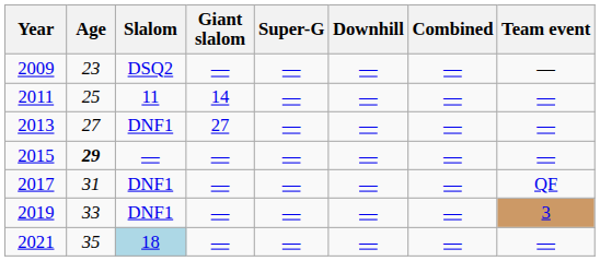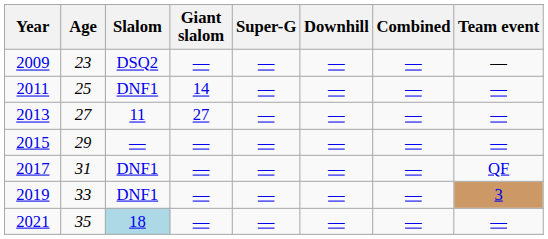 <table class=wikitable style="text-align:center">
 <tr>
 <th>  Year  </th>
 <th> Age </th>
 <th> Slalom </th>
 <th> Giant <br> slalom </th>
 <th>Super-G</th>
 <th>Downhill</th>
 <th>Combined</th>
 <th>Team event</th>
 </tr>
 <tr>
 <td><a href='#'>2009</a></td>
 <td><em>23</em></td>
 <td><a href='#'>DSQ2</a></td>
 <td><a href='#'>—</a></td>
 <td><a href='#'>—</a></td>
 <td><a href='#'>—</a></td>
 <td><a href='#'>—</a></td>
 <td>—</td>
 </tr>
 <tr>
 <td><a href='#'>2011</a></td>
 <td><em>25</em></td>
-<td><a href='#'>11</a></td>
+<td><a href='#'>DNF1</a></td>
 <td><a href='#'>14</a></td>
 <td><a href='#'>—</a></td>
 <td><a href='#'>—</a></td>
 <td><a href='#'>—</a></td>
 <td><a href='#'>—</a></td>
 </tr>
 <tr>
 <td><a href='#'>2013</a></td>
 <td><em>27</em></td>
-<td><a href='#'>DNF1</a></td>
+<td><a href='#'>11</a></td>
 <td><a href='#'>27</a></td>
 <td><a href='#'>—</a></td>
 <td><a href='#'>—</a></td>
 <td><a href='#'>—</a></td>
 <td><a href='#'>—</a></td>
 </tr>
 <tr>
 <td><a href='#'>2015</a></td>
-<td><strong><em>29</em></strong></td>
+<td><em>29</em></td>
 <td><a href='#'>—</a></td>
 <td><a href='#'>—</a></td>
 <td><a href='#'>—</a></td>
 <td><a href='#'>—</a></td>
 <td><a href='#'>—</a></td>
 <td><a href='#'>—</a></td>
 </tr>
 <tr>
 <td><a href='#'>2017</a></td>
 <td><em>31</em></td>
 <td><a href='#'>DNF1</a></td>
 <td><a href='#'>—</a></td>
 <td><a href='#'>—</a></td>
 <td><a href='#'>—</a></td>
 <td><a href='#'>—</a></td>
 <td><a href='#'>QF</a></td>
 </tr>
 <tr>
 <td><a href='#'>2019</a></td>
 <td><em>33</em></td>
 <td><a href='#'>DNF1</a></td>
 <td><a href='#'>—</a></td>
 <td><a href='#'>—</a></td>
 <td><a href='#'>—</a></td>
 <td><a href='#'>—</a></td>
 <td style="background:#cc9966;"><a href='#'>3</a></td>
 </tr>
 <tr>
 <td><a href='#'>2021</a></td>
 <td><em>35</em></td>
 <td style="background: lightblue;"><a href='#'>18</a></td>
 <td><a href='#'>—</a></td>
 <td><a href='#'>—</a></td>
 <td><a href='#'>—</a></td>
 <td><a href='#'>—</a></td>
 <td><a href='#'>—</a></td>
 </tr>
 </table>
